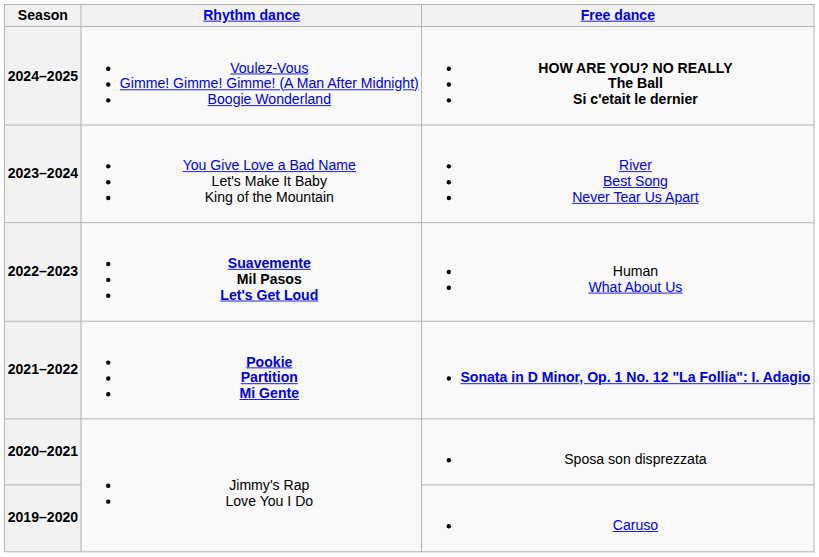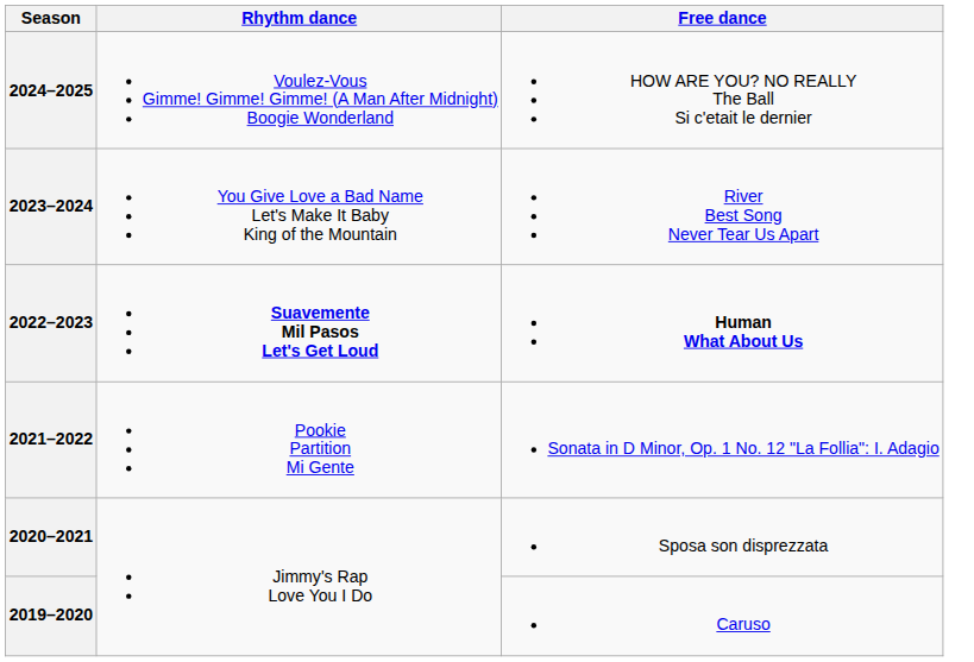 <table class=wikitable style=text-align:center>
 <tr>
 <th>Season</th>
 <th><a href='#'>Rhythm dance</a></th>
 <th><a href='#'>Free dance</a></th>
 </tr>
 <tr>
 <th>2024–2025 <br> </th>
 <td><br><ul><li><a href='#'>Voulez-Vous</a></li><li><a href='#'>Gimme! Gimme! Gimme! (A Man After Midnight)</a> <br> </li><li><a href='#'>Boogie Wonderland</a> <br></li></ul></td>
-<td><strong><br><ul><li>HOW ARE YOU? NO REALLY <br> </li><li>The Ball <br> </li><li>Si c'etait le dernier <br> </li></ul></strong></td>
+<td><br><ul><li>HOW ARE YOU? NO REALLY <br> </li><li>The Ball <br> </li><li>Si c'etait le dernier <br> </li></ul></td>
 </tr>
 <tr>
 <th>2023–2024 <br> </th>
 <td><br><ul><li><a href='#'>You Give Love a Bad Name</a></li><li>Let's Make It Baby</li><li>King of the Mountain <br></li></ul></td>
 <td><br><ul><li><a href='#'>River</a> <br> </li><li><a href='#'>Best Song</a> <br> </li><li><a href='#'>Never Tear Us Apart</a> <br> </li></ul></td>
 </tr>
 <tr>
 <th>2022–2023 <br> </th>
 <td><strong><br><ul><li> <a href='#'>Suavemente</a> <br></li><li> Mil Pasos <br></li><li> <a href='#'>Let's Get Loud</a> <br></li></ul></strong></td>
-<td><br><ul><li>Human <br></li><li><a href='#'>What About Us</a> <br></li></ul></td>
+<td><strong><br><ul><li>Human <br></li><li><a href='#'>What About Us</a> <br></li></ul></strong></td>
 </tr>
 <tr>
 <th>2021–2022 <br> </th>
-<td><strong><br><ul><li><a href='#'>Pookie</a> <br></li><li><a href='#'>Partition</a> <br></li><li><a href='#'>Mi Gente</a> <br></li></ul></strong></td>
-<td><strong><br><ul><li><a href='#'>Sonata in D Minor, Op. 1 No. 12 "La Follia": I. Adagio</a> <br></li></ul></strong></td>
+<td><br><ul><li><a href='#'>Pookie</a> <br></li><li><a href='#'>Partition</a> <br></li><li><a href='#'>Mi Gente</a> <br></li></ul></td>
+<td><br><ul><li><a href='#'>Sonata in D Minor, Op. 1 No. 12 "La Follia": I. Adagio</a> <br></li></ul></td>
 </tr>
 <tr>
 <th>2020–2021 <br> </th>
 <td rowspan=2><br><ul><li> Jimmy's Rap</li><li> Love You I Do <br> </li></ul></td>
 <td><br><ul><li>Sposa son disprezzata <br></li></ul></td>
 </tr>
 <tr>
 <th>2019–2020 <br> </th>
 <td><br><ul><li><a href='#'>Caruso</a> <br> </li></ul></td>
 </tr>
 </table>
